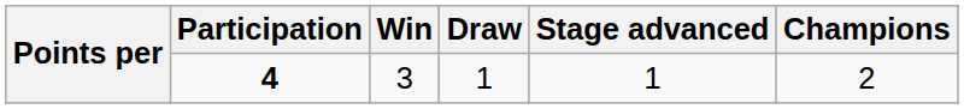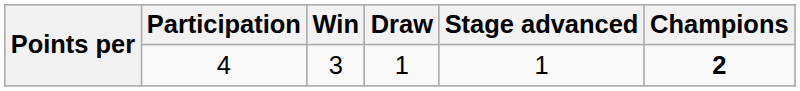 <table class="wikitable">
 <tr>
 <th rowspan=2>Points per</th>
 <th>Participation</th>
 <th>Win</th>
 <th>Draw</th>
 <th>Stage advanced</th>
 <th>Champions</th>
 </tr>
 <tr>
-<td align=center><strong>4</strong></td>
+<td align=center>4</td>
 <td align=center>3</td>
 <td align=center>1</td>
 <td align=center>1</td>
-<td align=center>2</td>
+<td align=center><strong>2</strong></td>
 </tr>
 </table>
